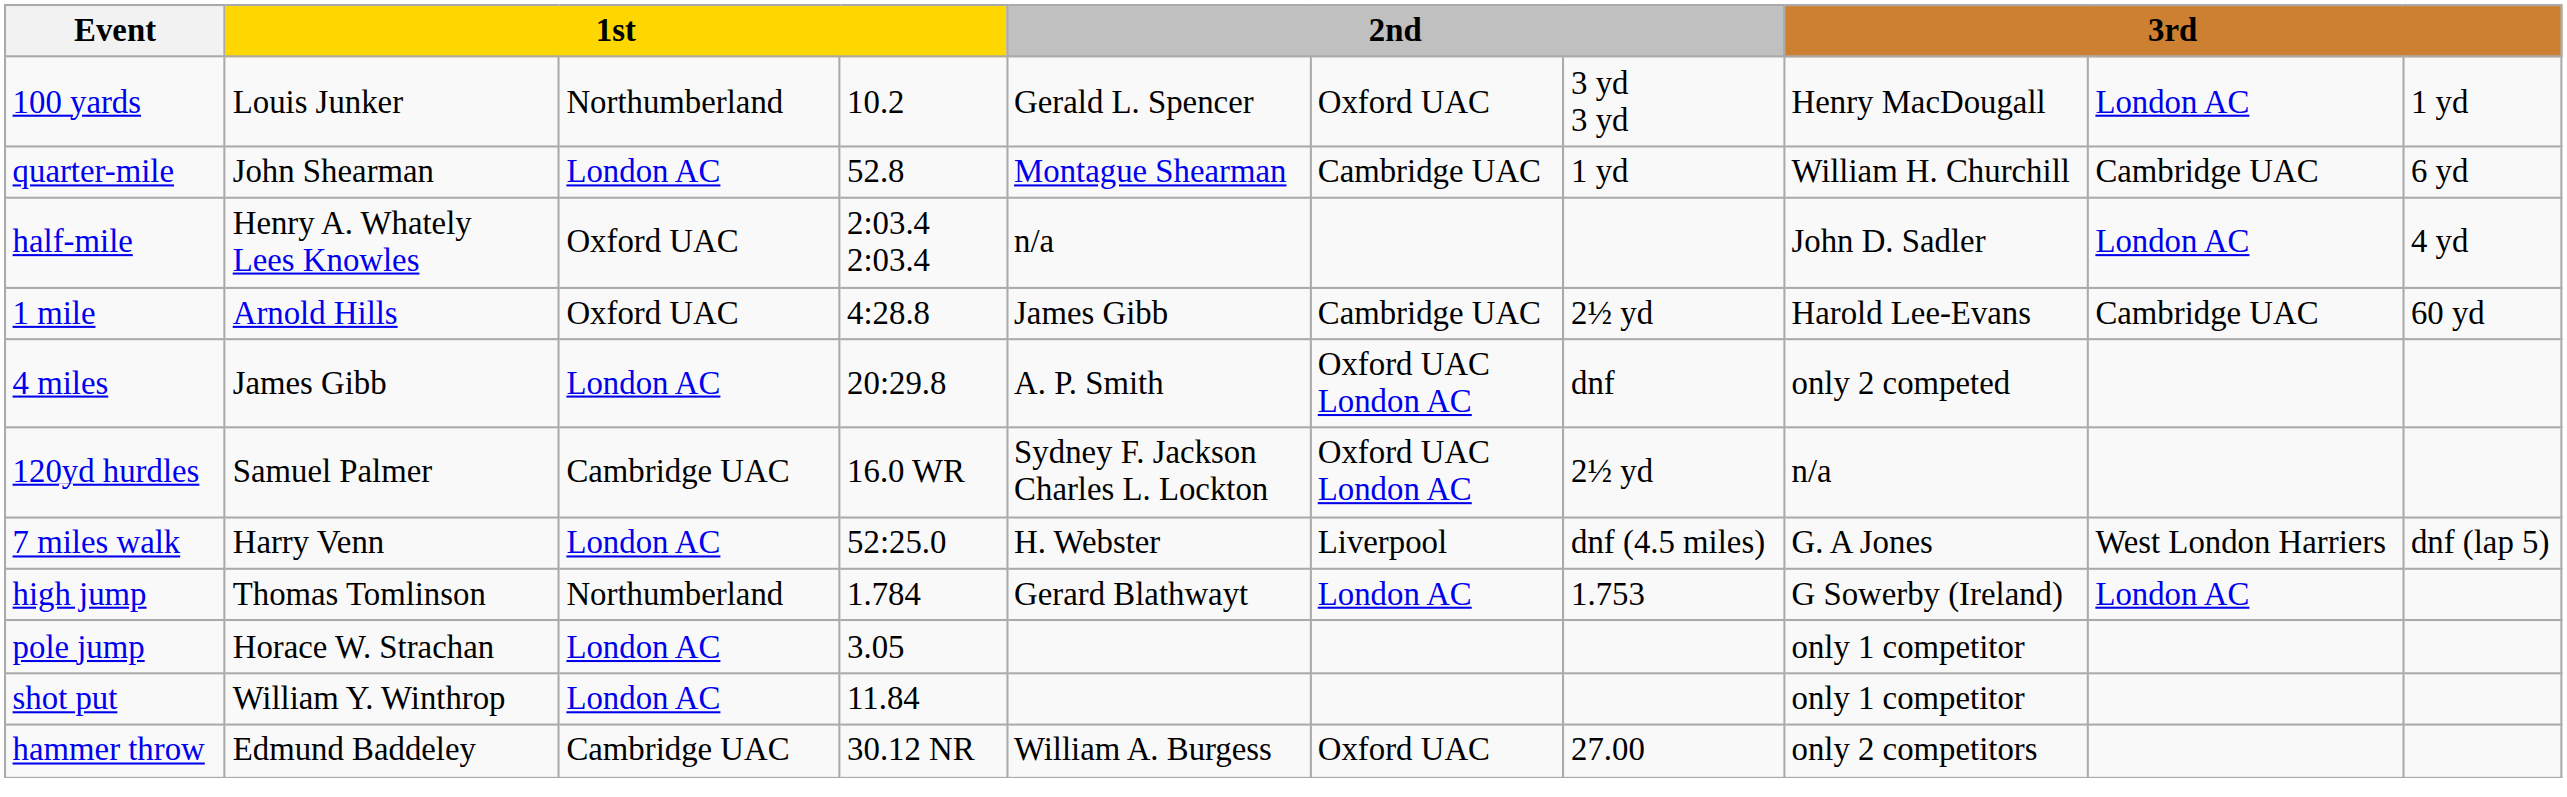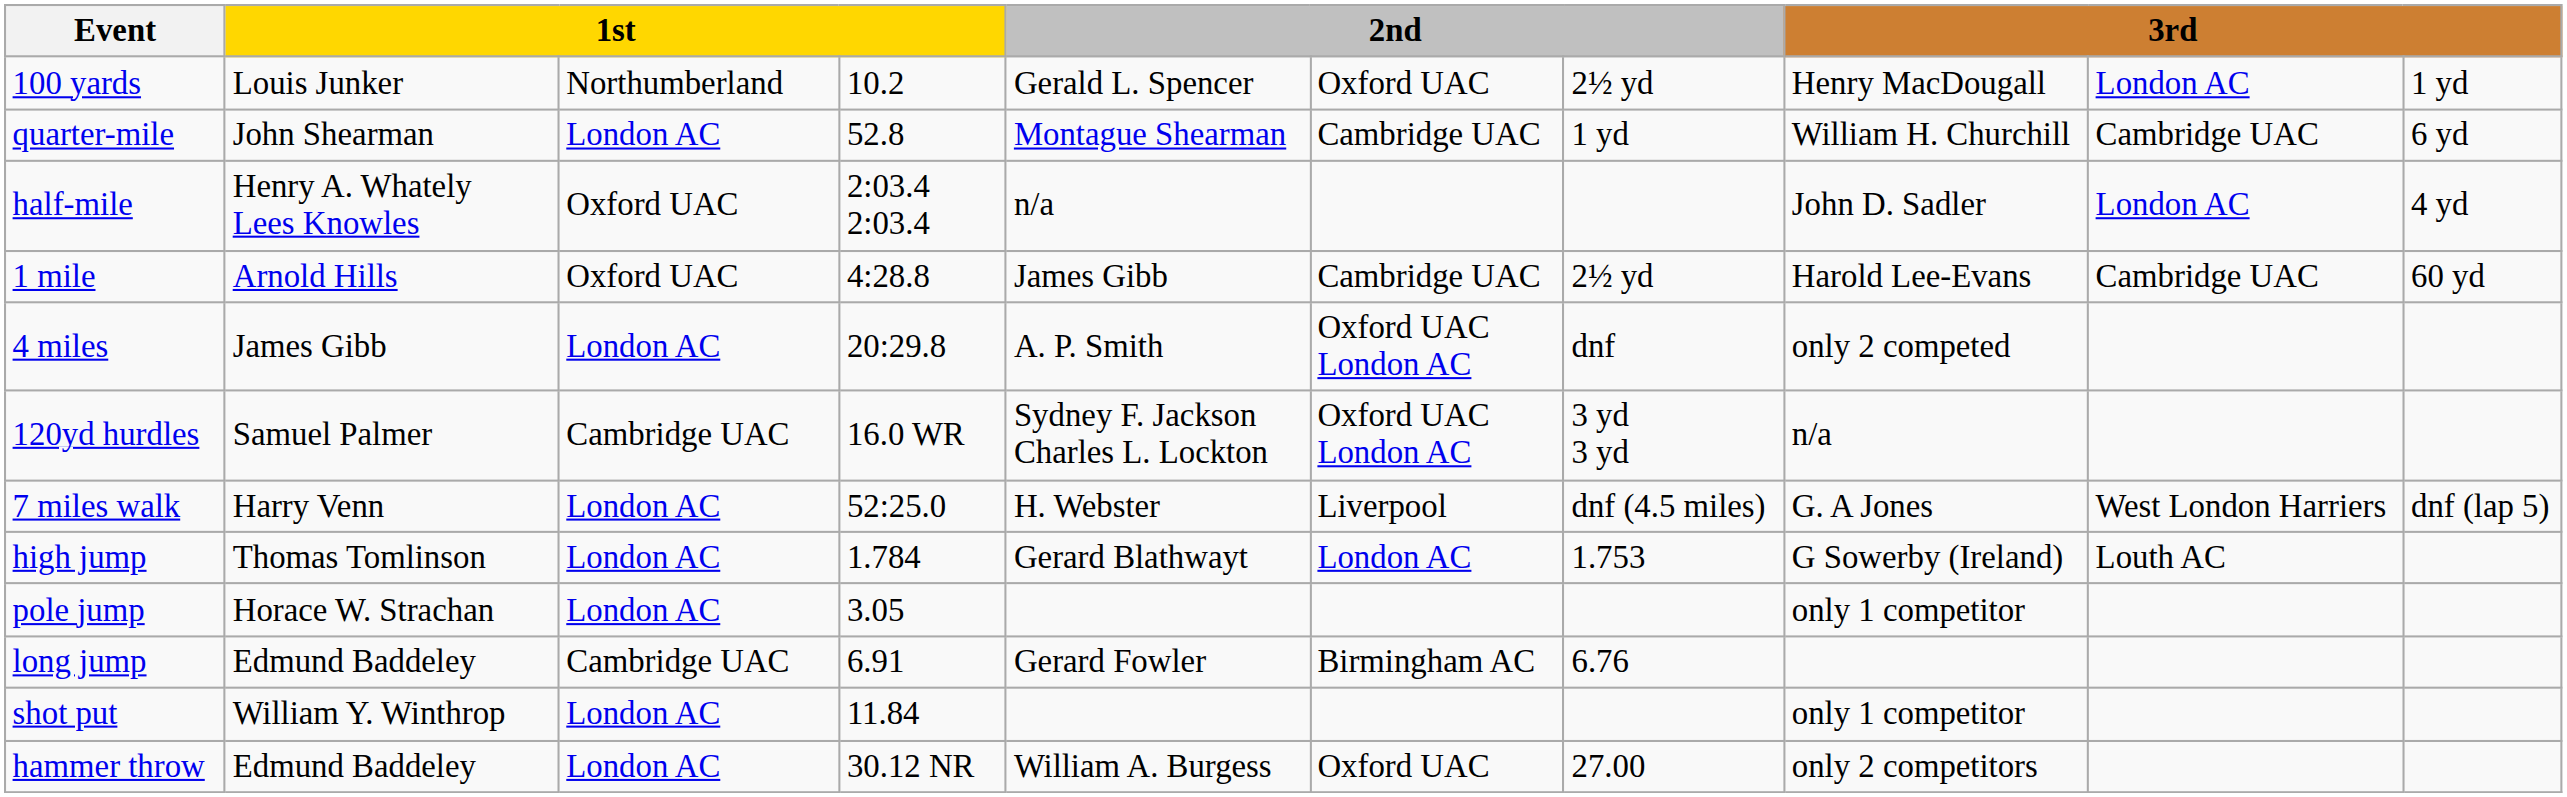 <table class="wikitable" style="text-align:left">
 <tr>
 <th width=100>Event</th>
 <th colspan="3" width="380" style="background:gold;">1st</th>
 <th colspan="3" width="380" style="background:silver;">2nd</th>
 <th colspan="3" width="380" style="background:#CD7F32;">3rd</th>
 </tr>
 <tr>
 <td><a href='#'>100 yards</a></td>
 <td>Louis Junker</td>
 <td>Northumberland</td>
 <td>10.2</td>
 <td>Gerald L. Spencer</td>
 <td>Oxford UAC</td>
-<td>3 yd<br>3 yd</td>
+<td>2½ yd</td>
 <td>Henry MacDougall</td>
 <td><a href='#'>London AC</a></td>
 <td>1 yd</td>
 </tr>
 <tr>
 <td><a href='#'>quarter-mile</a></td>
 <td>John Shearman</td>
 <td><a href='#'>London AC</a></td>
 <td>52.8</td>
 <td><a href='#'>Montague Shearman</a></td>
 <td>Cambridge UAC</td>
 <td>1 yd</td>
 <td>William H. Churchill</td>
 <td>Cambridge UAC</td>
 <td>6 yd</td>
 </tr>
 <tr>
 <td><a href='#'>half-mile</a></td>
 <td>Henry A. Whately<br><a href='#'>Lees Knowles</a></td>
 <td>Oxford UAC</td>
 <td>2:03.4<br>2:03.4</td>
 <td>n/a</td>
 <td></td>
 <td></td>
 <td>John D. Sadler</td>
 <td><a href='#'>London AC</a></td>
 <td>4 yd</td>
 </tr>
 <tr>
 <td><a href='#'>1 mile</a></td>
 <td><a href='#'>Arnold Hills</a></td>
 <td>Oxford UAC</td>
 <td>4:28.8</td>
 <td>James Gibb</td>
 <td>Cambridge UAC</td>
 <td>2½ yd</td>
 <td>Harold Lee-Evans</td>
 <td>Cambridge UAC</td>
 <td>60 yd</td>
 </tr>
 <tr>
 <td><a href='#'>4 miles</a></td>
 <td>James Gibb</td>
 <td><a href='#'>London AC</a></td>
 <td>20:29.8</td>
 <td>A. P. Smith</td>
 <td>Oxford UAC <br><a href='#'>London AC</a></td>
 <td>dnf</td>
 <td>only 2 competed</td>
 <td></td>
 <td></td>
 </tr>
 <tr>
 <td><a href='#'>120yd hurdles</a></td>
 <td>Samuel Palmer</td>
 <td>Cambridge UAC</td>
 <td>16.0 WR</td>
 <td>Sydney F. Jackson<br>Charles L. Lockton</td>
 <td>Oxford UAC <br><a href='#'>London AC</a></td>
-<td>2½ yd</td>
+<td>3 yd<br>3 yd</td>
 <td>n/a</td>
 <td></td>
 <td></td>
 </tr>
 <tr>
 <td><a href='#'>7 miles walk</a></td>
 <td>Harry Venn</td>
 <td><a href='#'>London AC</a></td>
 <td>52:25.0</td>
 <td>H. Webster</td>
 <td>Liverpool</td>
 <td>dnf (4.5 miles)</td>
 <td>G. A Jones</td>
 <td>West London Harriers</td>
 <td>dnf (lap 5)</td>
 </tr>
 <tr>
 <td><a href='#'>high jump</a></td>
 <td>Thomas Tomlinson</td>
-<td>Northumberland</td>
+<td><a href='#'>London AC</a></td>
 <td>1.784</td>
 <td>Gerard Blathwayt</td>
 <td><a href='#'>London AC</a></td>
 <td>1.753</td>
 <td>G Sowerby (Ireland)</td>
-<td><a href='#'>London AC</a></td>
+<td>Louth AC</td>
 <td></td>
 </tr>
 <tr>
 <td><a href='#'>pole jump</a></td>
 <td>Horace W. Strachan</td>
 <td><a href='#'>London AC</a></td>
 <td>3.05</td>
 <td></td>
 <td></td>
 <td></td>
 <td>only 1 competitor</td>
+<td></td>
+<td></td>
+</tr>
+<tr>
+<td><a href='#'>long jump</a></td>
+<td>Edmund Baddeley</td>
+<td>Cambridge UAC</td>
+<td>6.91</td>
+<td>Gerard Fowler</td>
+<td>Birmingham AC</td>
+<td>6.76</td>
+<td></td>
 <td></td>
 <td></td>
 </tr>
 <tr>
 <td><a href='#'>shot put</a></td>
 <td>William Y. Winthrop</td>
 <td><a href='#'>London AC</a></td>
 <td>11.84</td>
 <td></td>
 <td></td>
 <td></td>
 <td>only 1 competitor</td>
 <td></td>
 <td></td>
 </tr>
 <tr>
 <td><a href='#'>hammer throw</a></td>
 <td>Edmund Baddeley</td>
-<td>Cambridge UAC</td>
+<td><a href='#'>London AC</a></td>
 <td>30.12 NR</td>
 <td>William A. Burgess</td>
 <td>Oxford UAC</td>
 <td>27.00</td>
 <td>only 2 competitors</td>
 <td></td>
 <td></td>
 </tr>
 </table>
